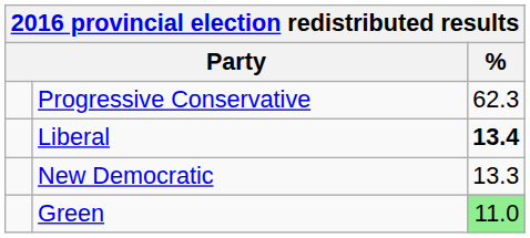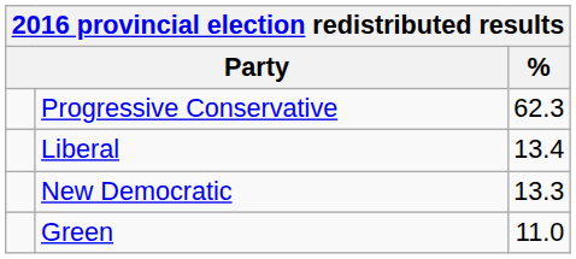 <table class="wikitable">
 <tr>
 <th colspan="4"><a href='#'>2016 provincial election</a> redistributed results</th>
 </tr>
 <tr>
 <th bgcolor="#DDDDFF" width="130px" colspan="2">Party</th>
 <th bgcolor="#DDDDFF" width="30px">%</th>
 </tr>
 <tr>
 <td> </td>
 <td><a href='#'>Progressive Conservative</a></td>
 <td align=right>62.3</td>
 </tr>
 <tr>
 <td> </td>
 <td><a href='#'>Liberal</a></td>
-<td align=right><strong>13.4</strong></td>
+<td align=right>13.4</td>
 </tr>
 <tr>
 <td> </td>
 <td><a href='#'>New Democratic</a></td>
 <td align=right>13.3</td>
 </tr>
 <tr>
 <td> </td>
 <td><a href='#'>Green</a></td>
-<td align=right style="background: lightgreen;">11.0</td>
+<td align=right>11.0</td>
 </tr>
 </table>
